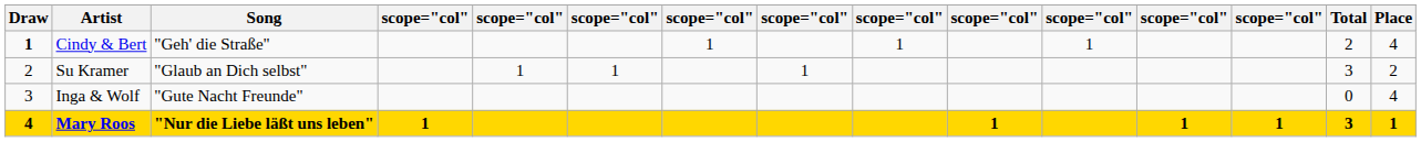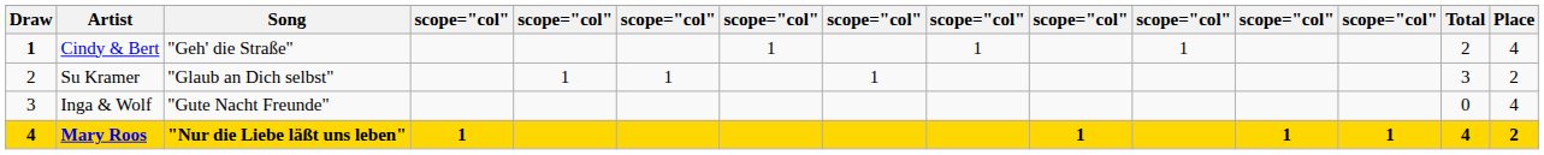 <table class="wikitable plainrowheaders" style="margin: 1em auto 1em auto; text-align:center;">
 <tr>
 </tr>
 <tr>
 <th scope="col">Draw</th>
 <th scope="col">Artist</th>
 <th scope="col">Song</th>
 <th>scope="col" </th>
 <th>scope="col" </th>
 <th>scope="col" </th>
 <th>scope="col" </th>
 <th>scope="col" </th>
 <th>scope="col" </th>
 <th>scope="col" </th>
 <th>scope="col" </th>
 <th>scope="col" </th>
 <th>scope="col" </th>
 <th scope="col">Total</th>
 <th scope="col">Place</th>
 </tr>
 <tr>
 <td><strong>1</strong></td>
 <td align="left"><a href='#'>Cindy & Bert</a></td>
 <td align="left">"Geh' die Straße"</td>
 <td></td>
 <td></td>
 <td></td>
 <td>1</td>
 <td></td>
 <td>1</td>
 <td></td>
 <td>1</td>
 <td></td>
 <td></td>
 <td>2</td>
 <td>4</td>
 </tr>
 <tr>
 <td>2</td>
 <td align="left">Su Kramer</td>
 <td align="left">"Glaub an Dich selbst"</td>
 <td></td>
 <td>1</td>
 <td>1</td>
 <td></td>
 <td>1</td>
 <td></td>
 <td></td>
 <td></td>
 <td></td>
 <td></td>
 <td>3</td>
 <td>2</td>
 </tr>
 <tr>
 <td>3</td>
 <td align="left">Inga & Wolf</td>
 <td align="left">"Gute Nacht Freunde"</td>
 <td></td>
 <td></td>
 <td></td>
 <td></td>
 <td></td>
 <td></td>
 <td></td>
 <td></td>
 <td></td>
 <td></td>
 <td>0</td>
 <td>4</td>
 </tr>
 <tr style="font-weight:bold; background:gold;">
 <td>4</td>
 <td align="left"><a href='#'>Mary Roos</a></td>
 <td align="left">"Nur die Liebe läßt uns leben"</td>
 <td>1</td>
 <td></td>
 <td></td>
 <td></td>
 <td></td>
 <td></td>
 <td>1</td>
 <td></td>
 <td>1</td>
 <td>1</td>
-<td>3</td>
-<td>1</td>
+<td>4</td>
+<td>2</td>
 </tr>
 </table>
